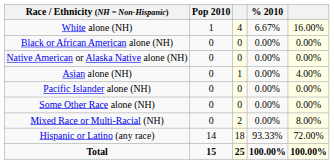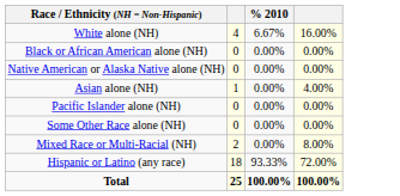 <table class="wikitable" style="text-align:center;">
 <tr>
 <th>Race / Ethnicity <small>(<em>NH = Non-Hispanic</em>)</small></th>
-<th>Pop 2010</th>
 <th></th>
 <th>% 2010</th>
 <th></th>
 </tr>
 <tr>
 <td><a href='#'>White</a> alone (NH)</td>
-<td>1</td>
 <td style='background: #ffffe6;'>4</td>
 <td>6.67%</td>
 <td style='background: #ffffe6;'>16.00%</td>
 </tr>
 <tr>
 <td><a href='#'>Black or African American</a> alone (NH)</td>
-<td>0</td>
 <td style='background: #ffffe6;'>0</td>
 <td>0.00%</td>
 <td style='background: #ffffe6;'>0.00%</td>
 </tr>
 <tr>
 <td><a href='#'>Native American</a> or <a href='#'>Alaska Native</a> alone (NH)</td>
-<td>0</td>
 <td style='background: #ffffe6;'>0</td>
 <td>0.00%</td>
 <td style='background: #ffffe6;'>0.00%</td>
 </tr>
 <tr>
 <td><a href='#'>Asian</a> alone (NH)</td>
-<td>0</td>
 <td style='background: #ffffe6;'>1</td>
 <td>0.00%</td>
 <td style='background: #ffffe6;'>4.00%</td>
 </tr>
 <tr>
 <td><a href='#'>Pacific Islander</a> alone (NH)</td>
-<td>0</td>
 <td style='background: #ffffe6;'>0</td>
 <td>0.00%</td>
 <td style='background: #ffffe6;'>0.00%</td>
 </tr>
 <tr>
 <td><a href='#'>Some Other Race</a> alone (NH)</td>
-<td>0</td>
 <td style='background: #ffffe6;'>0</td>
 <td>0.00%</td>
 <td style='background: #ffffe6;'>0.00%</td>
 </tr>
 <tr>
 <td><a href='#'>Mixed Race or Multi-Racial</a> (NH)</td>
-<td>0</td>
 <td style='background: #ffffe6;'>2</td>
 <td>0.00%</td>
 <td style='background: #ffffe6;'>8.00%</td>
 </tr>
 <tr>
 <td><a href='#'>Hispanic or Latino</a> (any race)</td>
-<td>14</td>
 <td style='background: #ffffe6;'>18</td>
 <td>93.33%</td>
 <td style='background: #ffffe6;'>72.00%</td>
 </tr>
 <tr>
 <td><strong>Total</strong></td>
-<td><strong>15</strong></td>
 <td style='background: #ffffe6;'><strong>25</strong></td>
 <td><strong>100.00%</strong></td>
 <td style='background: #ffffe6;'><strong>100.00%</strong></td>
 </tr>
 </table>
